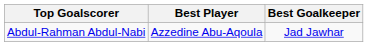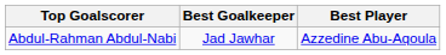 <table class="wikitable" style="text-align: center;">
 <tr>
 <th>Top Goalscorer</th>
+<th>Best Goalkeeper</th>
 <th>Best Player</th>
-<th>Best Goalkeeper</th>
 </tr>
 <tr>
 <td> <a href='#'>Abdul-Rahman Abdul-Nabi</a></td>
+<td> <a href='#'>Jad Jawhar</a></td>
 <td> <a href='#'>Azzedine Abu-Aqoula</a></td>
-<td> <a href='#'>Jad Jawhar</a></td>
 </tr>
 </table>
